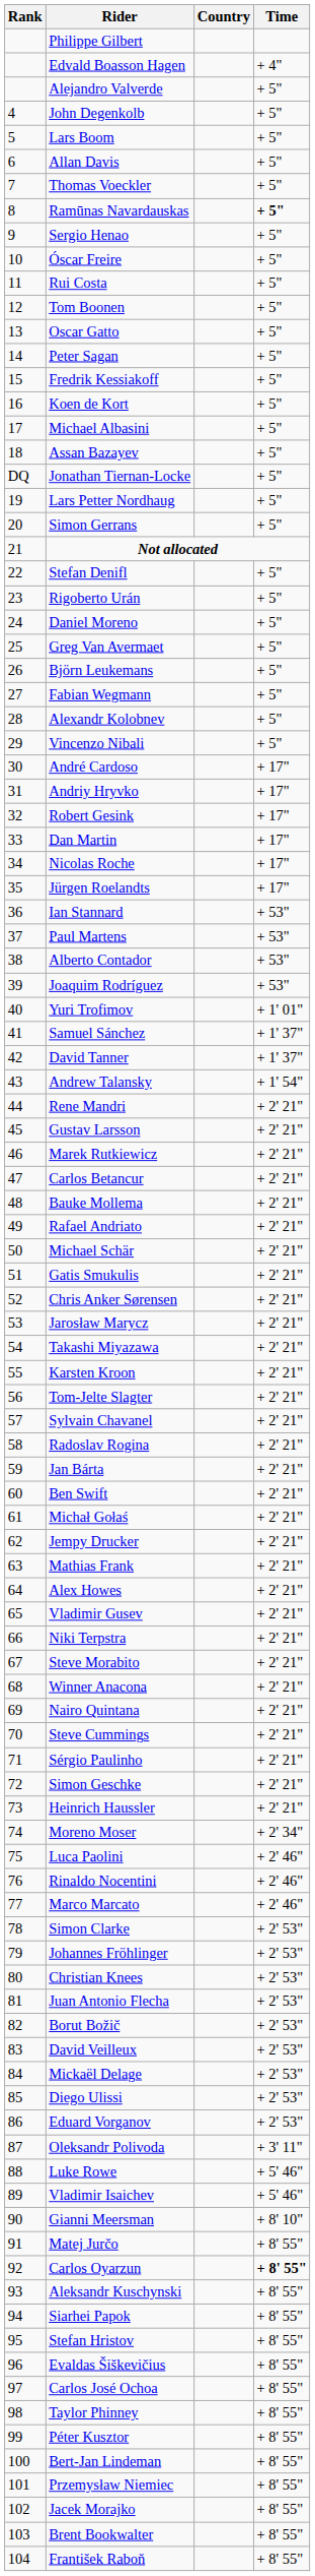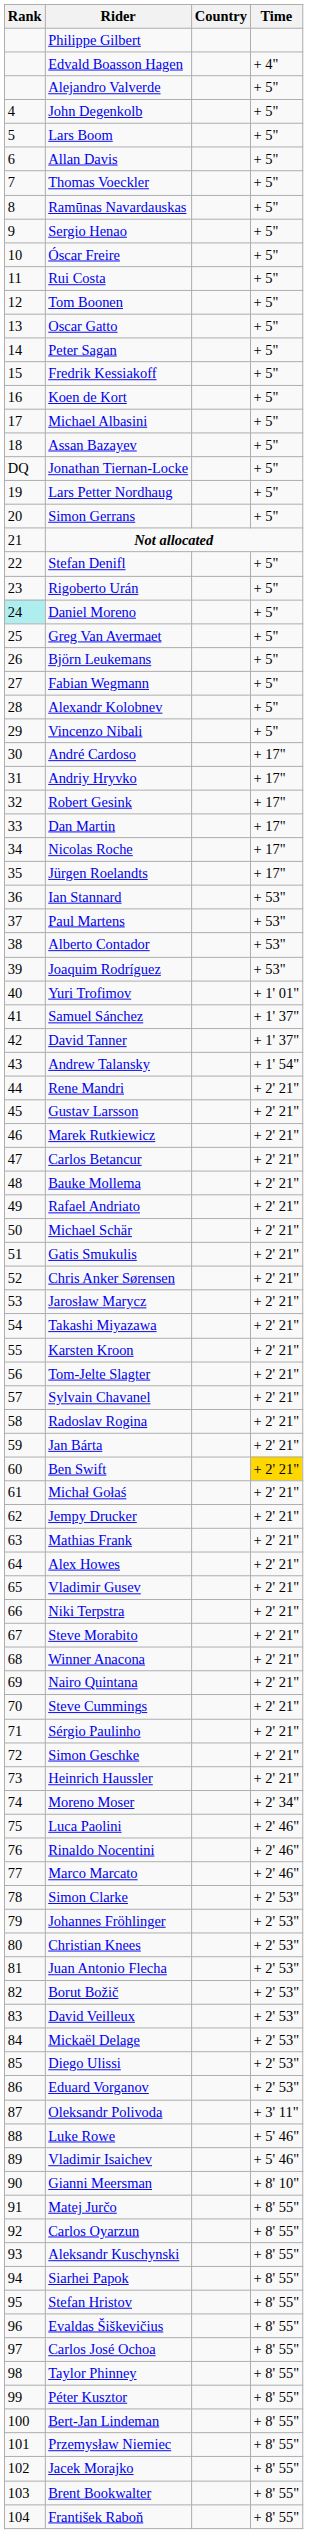 <table class="wikitable" style="font-size:95%; text-align:left;">
 <tr>
 <th>Rank</th>
 <th>Rider</th>
 <th>Country</th>
 <th>Time</th>
 </tr>
 <tr>
 <td></td>
 <td><a href='#'>Philippe Gilbert</a></td>
 <td></td>
 <td></td>
 </tr>
 <tr>
 <td></td>
 <td><a href='#'>Edvald Boasson Hagen</a></td>
 <td></td>
 <td>+ 4"</td>
 </tr>
 <tr>
 <td></td>
 <td><a href='#'>Alejandro Valverde</a></td>
 <td></td>
 <td>+ 5"</td>
 </tr>
 <tr>
 <td>4</td>
 <td><a href='#'>John Degenkolb</a></td>
 <td></td>
 <td>+ 5"</td>
 </tr>
 <tr>
 <td>5</td>
 <td><a href='#'>Lars Boom</a></td>
 <td></td>
 <td>+ 5"</td>
 </tr>
 <tr>
 <td>6</td>
 <td><a href='#'>Allan Davis</a></td>
 <td></td>
 <td>+ 5"</td>
 </tr>
 <tr>
 <td>7</td>
 <td><a href='#'>Thomas Voeckler</a></td>
 <td></td>
 <td>+ 5"</td>
 </tr>
 <tr>
 <td>8</td>
 <td><a href='#'>Ramūnas Navardauskas</a></td>
 <td></td>
-<td><strong>+ 5"</strong></td>
+<td>+ 5"</td>
 </tr>
 <tr>
 <td>9</td>
 <td><a href='#'>Sergio Henao</a></td>
 <td></td>
 <td>+ 5"</td>
 </tr>
 <tr>
 <td>10</td>
 <td><a href='#'>Óscar Freire</a></td>
 <td></td>
 <td>+ 5"</td>
 </tr>
 <tr>
 <td>11</td>
 <td><a href='#'>Rui Costa</a></td>
 <td></td>
 <td>+ 5"</td>
 </tr>
 <tr>
 <td>12</td>
 <td><a href='#'>Tom Boonen</a></td>
 <td></td>
 <td>+ 5"</td>
 </tr>
 <tr>
 <td>13</td>
 <td><a href='#'>Oscar Gatto</a></td>
 <td></td>
 <td>+ 5"</td>
 </tr>
 <tr>
 <td>14</td>
 <td><a href='#'>Peter Sagan</a></td>
 <td></td>
 <td>+ 5"</td>
 </tr>
 <tr>
 <td>15</td>
 <td><a href='#'>Fredrik Kessiakoff</a></td>
 <td></td>
 <td>+ 5"</td>
 </tr>
 <tr>
 <td>16</td>
 <td><a href='#'>Koen de Kort</a></td>
 <td></td>
 <td>+ 5"</td>
 </tr>
 <tr>
 <td>17</td>
 <td><a href='#'>Michael Albasini</a></td>
 <td></td>
 <td>+ 5"</td>
 </tr>
 <tr>
 <td>18</td>
 <td><a href='#'>Assan Bazayev</a></td>
 <td></td>
 <td>+ 5"</td>
 </tr>
 <tr>
 <td>DQ</td>
 <td><a href='#'>Jonathan Tiernan-Locke</a></td>
 <td></td>
 <td>+ 5"</td>
 </tr>
 <tr>
 <td>19</td>
 <td><a href='#'>Lars Petter Nordhaug</a></td>
 <td></td>
 <td>+ 5"</td>
 </tr>
 <tr>
 <td>20</td>
 <td><a href='#'>Simon Gerrans</a></td>
 <td></td>
 <td>+ 5"</td>
 </tr>
 <tr>
 <td>21</td>
 <td colspan=4 align=center><strong> <em>Not allocated</em> </strong></td>
 </tr>
 <tr>
 <td>22</td>
 <td><a href='#'>Stefan Denifl</a></td>
 <td></td>
 <td>+ 5"</td>
 </tr>
 <tr>
 <td>23</td>
 <td><a href='#'>Rigoberto Urán</a></td>
 <td></td>
 <td>+ 5"</td>
 </tr>
 <tr>
-<td>24</td>
+<td style="background: paleturquoise;">24</td>
 <td><a href='#'>Daniel Moreno</a></td>
 <td></td>
 <td>+ 5"</td>
 </tr>
 <tr>
 <td>25</td>
 <td><a href='#'>Greg Van Avermaet</a></td>
 <td></td>
 <td>+ 5"</td>
 </tr>
 <tr>
 <td>26</td>
 <td><a href='#'>Björn Leukemans</a></td>
 <td></td>
 <td>+ 5"</td>
 </tr>
 <tr>
 <td>27</td>
 <td><a href='#'>Fabian Wegmann</a></td>
 <td></td>
 <td>+ 5"</td>
 </tr>
 <tr>
 <td>28</td>
 <td><a href='#'>Alexandr Kolobnev</a></td>
 <td></td>
 <td>+ 5"</td>
 </tr>
 <tr>
 <td>29</td>
 <td><a href='#'>Vincenzo Nibali</a></td>
 <td></td>
 <td>+ 5"</td>
 </tr>
 <tr>
 <td>30</td>
 <td><a href='#'>André Cardoso</a></td>
 <td></td>
 <td>+ 17"</td>
 </tr>
 <tr>
 <td>31</td>
 <td><a href='#'>Andriy Hryvko</a></td>
 <td></td>
 <td>+ 17"</td>
 </tr>
 <tr>
 <td>32</td>
 <td><a href='#'>Robert Gesink</a></td>
 <td></td>
 <td>+ 17"</td>
 </tr>
 <tr>
 <td>33</td>
 <td><a href='#'>Dan Martin</a></td>
 <td></td>
 <td>+ 17"</td>
 </tr>
 <tr>
 <td>34</td>
 <td><a href='#'>Nicolas Roche</a></td>
 <td></td>
 <td>+ 17"</td>
 </tr>
 <tr>
 <td>35</td>
 <td><a href='#'>Jürgen Roelandts</a></td>
 <td></td>
 <td>+ 17"</td>
 </tr>
 <tr>
 <td>36</td>
 <td><a href='#'>Ian Stannard</a></td>
 <td></td>
 <td>+ 53"</td>
 </tr>
 <tr>
 <td>37</td>
 <td><a href='#'>Paul Martens</a></td>
 <td></td>
 <td>+ 53"</td>
 </tr>
 <tr>
 <td>38</td>
 <td><a href='#'>Alberto Contador</a></td>
 <td></td>
 <td>+ 53"</td>
 </tr>
 <tr>
 <td>39</td>
 <td><a href='#'>Joaquim Rodríguez</a></td>
 <td></td>
 <td>+ 53"</td>
 </tr>
 <tr>
 <td>40</td>
 <td><a href='#'>Yuri Trofimov</a></td>
 <td></td>
 <td>+ 1' 01"</td>
 </tr>
 <tr>
 <td>41</td>
 <td><a href='#'>Samuel Sánchez</a></td>
 <td></td>
 <td>+ 1' 37"</td>
 </tr>
 <tr>
 <td>42</td>
 <td><a href='#'>David Tanner</a></td>
 <td></td>
 <td>+ 1' 37"</td>
 </tr>
 <tr>
 <td>43</td>
 <td><a href='#'>Andrew Talansky</a></td>
 <td></td>
 <td>+ 1' 54"</td>
 </tr>
 <tr>
 <td>44</td>
 <td><a href='#'>Rene Mandri</a></td>
 <td></td>
 <td>+ 2' 21"</td>
 </tr>
 <tr>
 <td>45</td>
 <td><a href='#'>Gustav Larsson</a></td>
 <td></td>
 <td>+ 2' 21"</td>
 </tr>
 <tr>
 <td>46</td>
 <td><a href='#'>Marek Rutkiewicz</a></td>
 <td></td>
 <td>+ 2' 21"</td>
 </tr>
 <tr>
 <td>47</td>
 <td><a href='#'>Carlos Betancur</a></td>
 <td></td>
 <td>+ 2' 21"</td>
 </tr>
 <tr>
 <td>48</td>
 <td><a href='#'>Bauke Mollema</a></td>
 <td></td>
 <td>+ 2' 21"</td>
 </tr>
 <tr>
 <td>49</td>
 <td><a href='#'>Rafael Andriato</a></td>
 <td></td>
 <td>+ 2' 21"</td>
 </tr>
 <tr>
 <td>50</td>
 <td><a href='#'>Michael Schär</a></td>
 <td></td>
 <td>+ 2' 21"</td>
 </tr>
 <tr>
 <td>51</td>
 <td><a href='#'>Gatis Smukulis</a></td>
 <td></td>
 <td>+ 2' 21"</td>
 </tr>
 <tr>
 <td>52</td>
 <td><a href='#'>Chris Anker Sørensen</a></td>
 <td></td>
 <td>+ 2' 21"</td>
 </tr>
 <tr>
 <td>53</td>
 <td><a href='#'>Jarosław Marycz</a></td>
 <td></td>
 <td>+ 2' 21"</td>
 </tr>
 <tr>
 <td>54</td>
 <td><a href='#'>Takashi Miyazawa</a></td>
 <td></td>
 <td>+ 2' 21"</td>
 </tr>
 <tr>
 <td>55</td>
 <td><a href='#'>Karsten Kroon</a></td>
 <td></td>
 <td>+ 2' 21"</td>
 </tr>
 <tr>
 <td>56</td>
 <td><a href='#'>Tom-Jelte Slagter</a></td>
 <td></td>
 <td>+ 2' 21"</td>
 </tr>
 <tr>
 <td>57</td>
 <td><a href='#'>Sylvain Chavanel</a></td>
 <td></td>
 <td>+ 2' 21"</td>
 </tr>
 <tr>
 <td>58</td>
 <td><a href='#'>Radoslav Rogina</a></td>
 <td></td>
 <td>+ 2' 21"</td>
 </tr>
 <tr>
 <td>59</td>
 <td><a href='#'>Jan Bárta</a></td>
 <td></td>
 <td>+ 2' 21"</td>
 </tr>
 <tr>
 <td>60</td>
 <td><a href='#'>Ben Swift</a></td>
 <td></td>
-<td>+ 2' 21"</td>
+<td style="background: gold;">+ 2' 21"</td>
 </tr>
 <tr>
 <td>61</td>
 <td><a href='#'>Michał Gołaś</a></td>
 <td></td>
 <td>+ 2' 21"</td>
 </tr>
 <tr>
 <td>62</td>
 <td><a href='#'>Jempy Drucker</a></td>
 <td></td>
 <td>+ 2' 21"</td>
 </tr>
 <tr>
 <td>63</td>
 <td><a href='#'>Mathias Frank</a></td>
 <td></td>
 <td>+ 2' 21"</td>
 </tr>
 <tr>
 <td>64</td>
 <td><a href='#'>Alex Howes</a></td>
 <td></td>
 <td>+ 2' 21"</td>
 </tr>
 <tr>
 <td>65</td>
 <td><a href='#'>Vladimir Gusev</a></td>
 <td></td>
 <td>+ 2' 21"</td>
 </tr>
 <tr>
 <td>66</td>
 <td><a href='#'>Niki Terpstra</a></td>
 <td></td>
 <td>+ 2' 21"</td>
 </tr>
 <tr>
 <td>67</td>
 <td><a href='#'>Steve Morabito</a></td>
 <td></td>
 <td>+ 2' 21"</td>
 </tr>
 <tr>
 <td>68</td>
 <td><a href='#'>Winner Anacona</a></td>
 <td></td>
 <td>+ 2' 21"</td>
 </tr>
 <tr>
 <td>69</td>
 <td><a href='#'>Nairo Quintana</a></td>
 <td></td>
 <td>+ 2' 21"</td>
 </tr>
 <tr>
 <td>70</td>
 <td><a href='#'>Steve Cummings</a></td>
 <td></td>
 <td>+ 2' 21"</td>
 </tr>
 <tr>
 <td>71</td>
 <td><a href='#'>Sérgio Paulinho</a></td>
 <td></td>
 <td>+ 2' 21"</td>
 </tr>
 <tr>
 <td>72</td>
 <td><a href='#'>Simon Geschke</a></td>
 <td></td>
 <td>+ 2' 21"</td>
 </tr>
 <tr>
 <td>73</td>
 <td><a href='#'>Heinrich Haussler</a></td>
 <td></td>
 <td>+ 2' 21"</td>
 </tr>
 <tr>
 <td>74</td>
 <td><a href='#'>Moreno Moser</a></td>
 <td></td>
 <td>+ 2' 34"</td>
 </tr>
 <tr>
 <td>75</td>
 <td><a href='#'>Luca Paolini</a></td>
 <td></td>
 <td>+ 2' 46"</td>
 </tr>
 <tr>
 <td>76</td>
 <td><a href='#'>Rinaldo Nocentini</a></td>
 <td></td>
 <td>+ 2' 46"</td>
 </tr>
 <tr>
 <td>77</td>
 <td><a href='#'>Marco Marcato</a></td>
 <td></td>
 <td>+ 2' 46"</td>
 </tr>
 <tr>
 <td>78</td>
 <td><a href='#'>Simon Clarke</a></td>
 <td></td>
 <td>+ 2' 53"</td>
 </tr>
 <tr>
 <td>79</td>
 <td><a href='#'>Johannes Fröhlinger</a></td>
 <td></td>
 <td>+ 2' 53"</td>
 </tr>
 <tr>
 <td>80</td>
 <td><a href='#'>Christian Knees</a></td>
 <td></td>
 <td>+ 2' 53"</td>
 </tr>
 <tr>
 <td>81</td>
 <td><a href='#'>Juan Antonio Flecha</a></td>
 <td></td>
 <td>+ 2' 53"</td>
 </tr>
 <tr>
 <td>82</td>
 <td><a href='#'>Borut Božič</a></td>
 <td></td>
 <td>+ 2' 53"</td>
 </tr>
 <tr>
 <td>83</td>
 <td><a href='#'>David Veilleux</a></td>
 <td></td>
 <td>+ 2' 53"</td>
 </tr>
 <tr>
 <td>84</td>
 <td><a href='#'>Mickaël Delage</a></td>
 <td></td>
 <td>+ 2' 53"</td>
 </tr>
 <tr>
 <td>85</td>
 <td><a href='#'>Diego Ulissi</a></td>
 <td></td>
 <td>+ 2' 53"</td>
 </tr>
 <tr>
 <td>86</td>
 <td><a href='#'>Eduard Vorganov</a></td>
 <td></td>
 <td>+ 2' 53"</td>
 </tr>
 <tr>
 <td>87</td>
 <td><a href='#'>Oleksandr Polivoda</a></td>
 <td></td>
 <td>+ 3' 11"</td>
 </tr>
 <tr>
 <td>88</td>
 <td><a href='#'>Luke Rowe</a></td>
 <td></td>
 <td>+ 5' 46"</td>
 </tr>
 <tr>
 <td>89</td>
 <td><a href='#'>Vladimir Isaichev</a></td>
 <td></td>
 <td>+ 5' 46"</td>
 </tr>
 <tr>
 <td>90</td>
 <td><a href='#'>Gianni Meersman</a></td>
 <td></td>
 <td>+ 8' 10"</td>
 </tr>
 <tr>
 <td>91</td>
 <td><a href='#'>Matej Jurčo</a></td>
 <td></td>
 <td>+ 8' 55"</td>
 </tr>
 <tr>
 <td>92</td>
 <td><a href='#'>Carlos Oyarzun</a></td>
 <td></td>
-<td><strong>+ 8' 55"</strong></td>
+<td>+ 8' 55"</td>
 </tr>
 <tr>
 <td>93</td>
 <td><a href='#'>Aleksandr Kuschynski</a></td>
 <td></td>
 <td>+ 8' 55"</td>
 </tr>
 <tr>
 <td>94</td>
 <td><a href='#'>Siarhei Papok</a></td>
 <td></td>
 <td>+ 8' 55"</td>
 </tr>
 <tr>
 <td>95</td>
 <td><a href='#'>Stefan Hristov</a></td>
 <td></td>
 <td>+ 8' 55"</td>
 </tr>
 <tr>
 <td>96</td>
 <td><a href='#'>Evaldas Šiškevičius</a></td>
 <td></td>
 <td>+ 8' 55"</td>
 </tr>
 <tr>
 <td>97</td>
 <td><a href='#'>Carlos José Ochoa</a></td>
 <td></td>
 <td>+ 8' 55"</td>
 </tr>
 <tr>
 <td>98</td>
 <td><a href='#'>Taylor Phinney</a></td>
 <td></td>
 <td>+ 8' 55"</td>
 </tr>
 <tr>
 <td>99</td>
 <td><a href='#'>Péter Kusztor</a></td>
 <td></td>
 <td>+ 8' 55"</td>
 </tr>
 <tr>
 <td>100</td>
 <td><a href='#'>Bert-Jan Lindeman</a></td>
 <td></td>
 <td>+ 8' 55"</td>
 </tr>
 <tr>
 <td>101</td>
 <td><a href='#'>Przemysław Niemiec</a></td>
 <td></td>
 <td>+ 8' 55"</td>
 </tr>
 <tr>
 <td>102</td>
 <td><a href='#'>Jacek Morajko</a></td>
 <td></td>
 <td>+ 8' 55"</td>
 </tr>
 <tr>
 <td>103</td>
 <td><a href='#'>Brent Bookwalter</a></td>
 <td></td>
 <td>+ 8' 55"</td>
 </tr>
 <tr>
 <td>104</td>
 <td><a href='#'>František Raboň</a></td>
 <td></td>
 <td>+ 8' 55"</td>
 </tr>
 </table>
